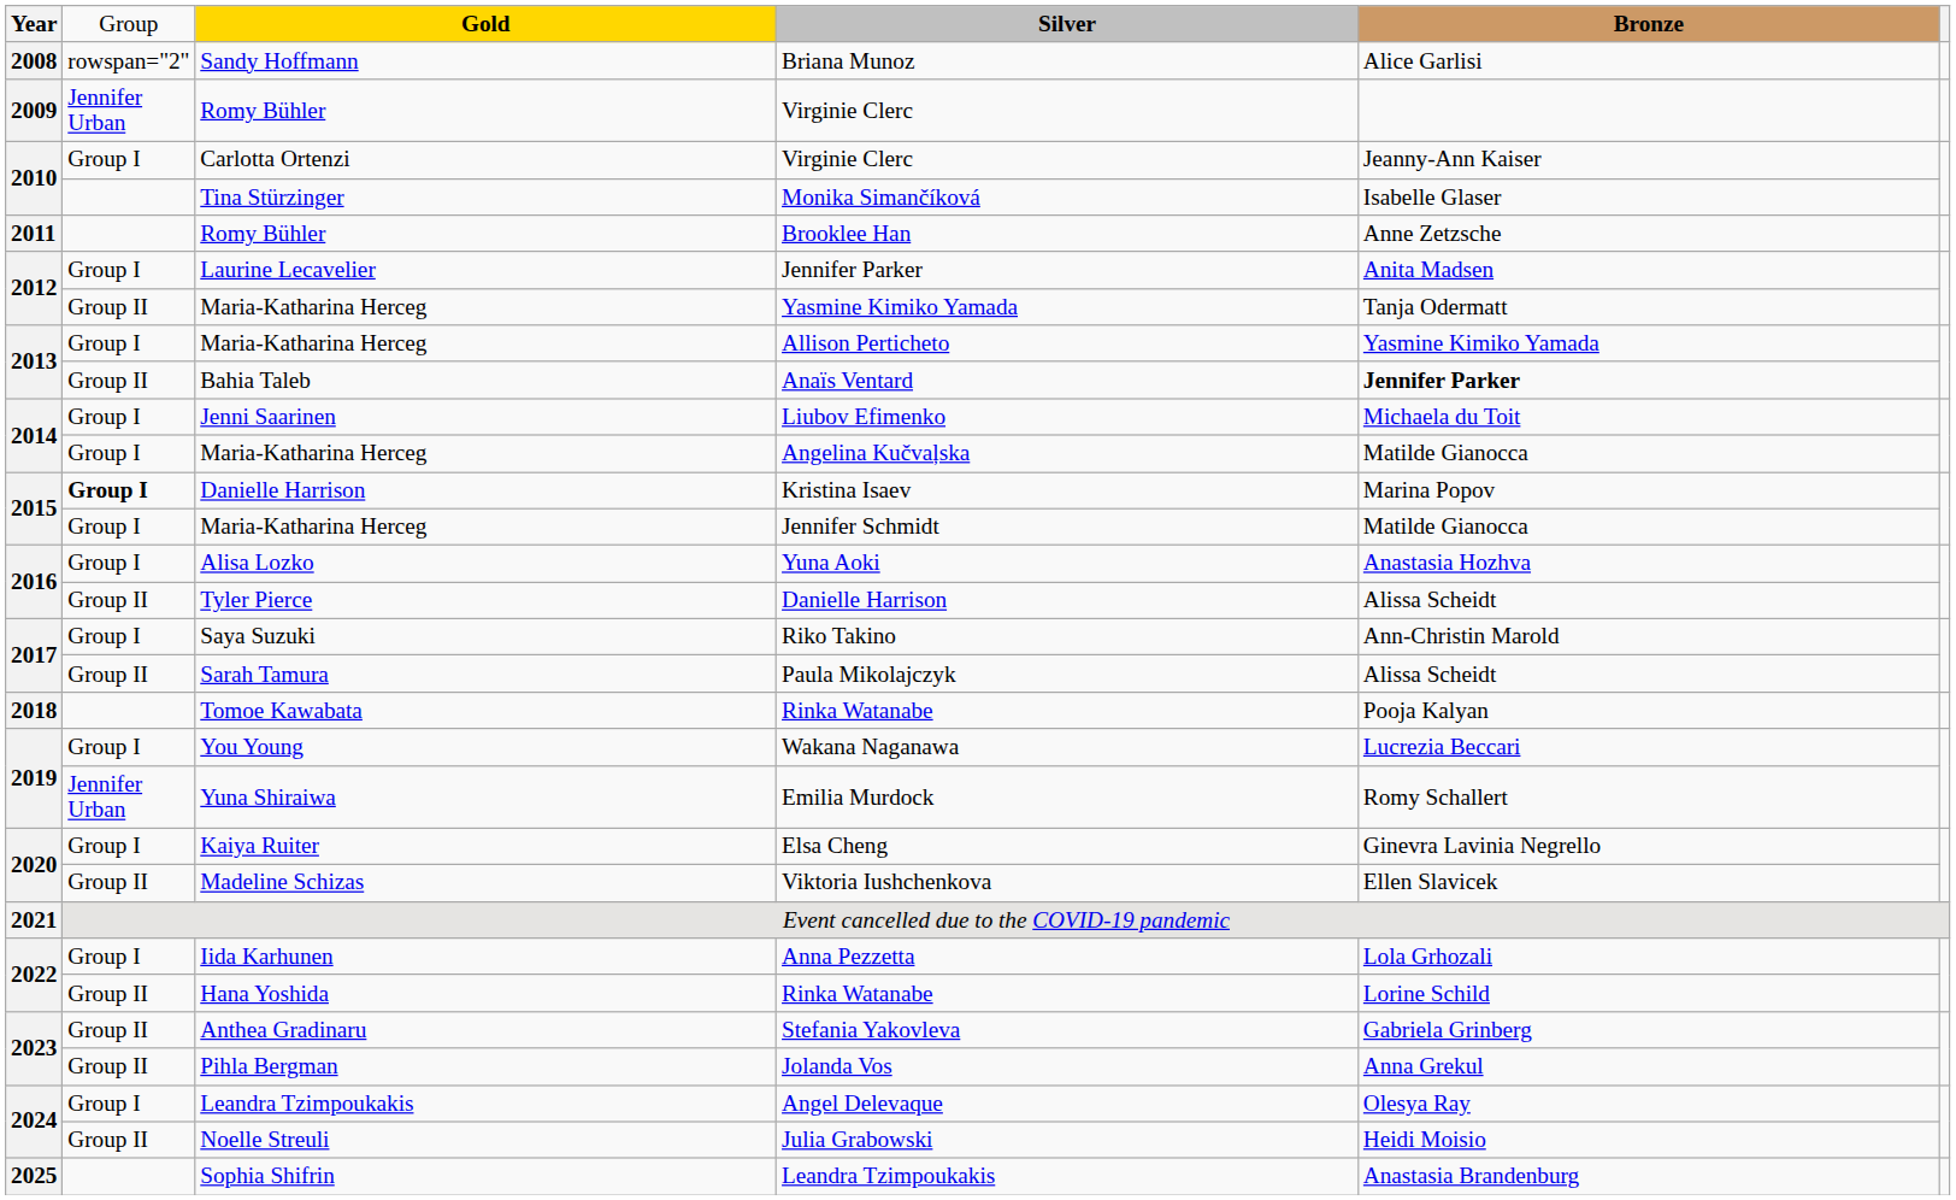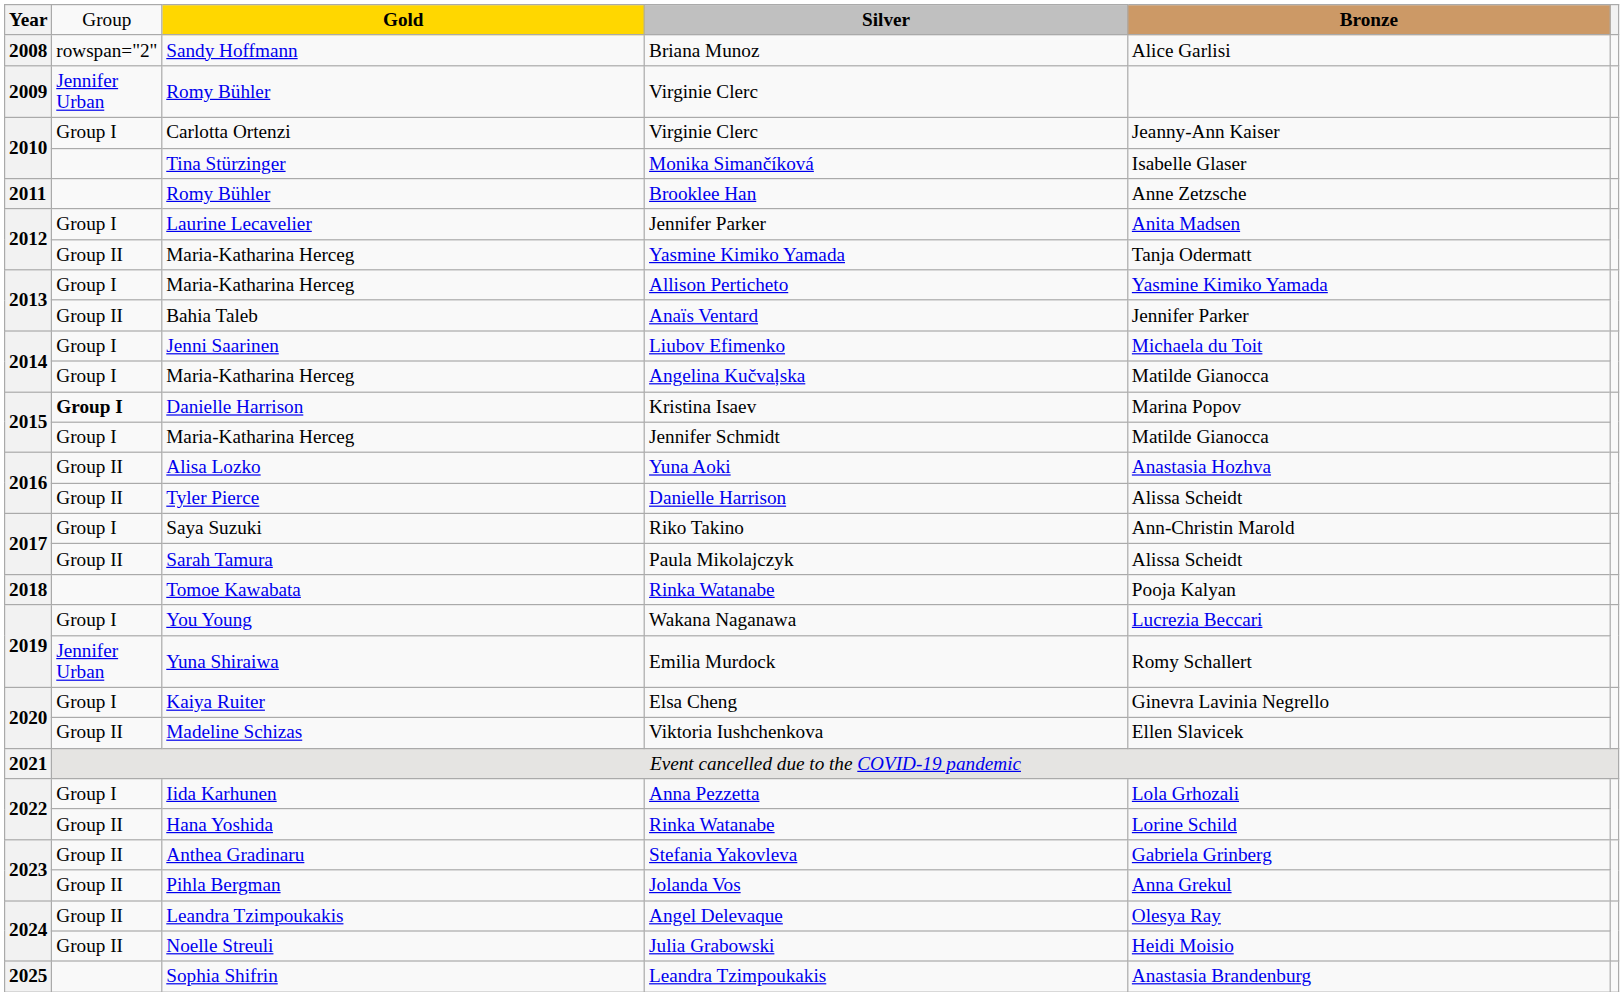 <table class="wikitable unsortable" style="text-align:left; width:85%">
 <tr>
 <th scope="col" style="text-align:center">Year</th>
 <td scope="col" style="text-align:center">Group</td>
 <td scope="col" style="text-align:center; width:30%; background:gold"><strong>Gold</strong></td>
 <td scope="col" style="text-align:center; width:30%; background:silver"><strong>Silver</strong></td>
 <td scope="col" style="text-align:center; width:30%; background:#c96"><strong>Bronze</strong></td>
 <th scope="col" style="text-align:center"></th>
 </tr>
 <tr>
 <th scope="row" style="text-align:left">2008</th>
 <td>rowspan="2" </td>
 <td> <a href='#'>Sandy Hoffmann</a></td>
 <td> Briana Munoz</td>
 <td> Alice Garlisi</td>
 <td></td>
 </tr>
 <tr>
 <th scope="row" style="text-align:left">2009</th>
 <td> <a href='#'>Jennifer Urban</a></td>
 <td> <a href='#'>Romy Bühler</a></td>
 <td> Virginie Clerc</td>
 <td></td>
 </tr>
 <tr>
 <th scope="row" style="text-align:left" rowspan="2">2010</th>
 <td>Group I</td>
 <td> Carlotta Ortenzi</td>
 <td> Virginie Clerc</td>
 <td> Jeanny-Ann Kaiser</td>
 <td rowspan="2"></td>
 </tr>
 <tr>
 <td></td>
 <td> <a href='#'>Tina Stürzinger</a></td>
 <td> <a href='#'>Monika Simančíková</a></td>
 <td> Isabelle Glaser</td>
 </tr>
 <tr>
 <th scope="row" style="text-align:left">2011</th>
 <td></td>
 <td> <a href='#'>Romy Bühler</a></td>
 <td> <a href='#'>Brooklee Han</a></td>
 <td> Anne Zetzsche</td>
 <td></td>
 </tr>
 <tr>
 <th scope="row" style="text-align:left" rowspan="2">2012</th>
 <td>Group I</td>
 <td> <a href='#'>Laurine Lecavelier</a></td>
 <td> Jennifer Parker</td>
 <td> <a href='#'>Anita Madsen</a></td>
 <td rowspan="2"></td>
 </tr>
 <tr>
 <td>Group II</td>
 <td> Maria-Katharina Herceg</td>
 <td> <a href='#'>Yasmine Kimiko Yamada</a></td>
 <td> Tanja Odermatt</td>
 </tr>
 <tr>
 <th scope="row" style="text-align:left" rowspan="2">2013</th>
 <td>Group I</td>
 <td> Maria-Katharina Herceg</td>
 <td> <a href='#'>Allison Perticheto</a></td>
 <td> <a href='#'>Yasmine Kimiko Yamada</a></td>
 <td rowspan="2"></td>
 </tr>
 <tr>
 <td>Group II</td>
 <td> Bahia Taleb</td>
 <td> <a href='#'>Anaïs Ventard</a></td>
-<td><strong> Jennifer Parker</strong></td>
+<td> Jennifer Parker</td>
 </tr>
 <tr>
 <th scope="row" style="text-align:left" rowspan="2">2014</th>
 <td>Group I</td>
 <td> <a href='#'>Jenni Saarinen</a></td>
 <td> <a href='#'>Liubov Efimenko</a></td>
 <td> <a href='#'>Michaela du Toit</a></td>
 <td rowspan="2"></td>
 </tr>
 <tr>
 <td>Group I</td>
 <td> Maria-Katharina Herceg</td>
 <td> <a href='#'>Angelina Kučvaļska</a></td>
 <td> Matilde Gianocca</td>
 </tr>
 <tr>
 <th scope="row" style="text-align:left" rowspan="2">2015</th>
 <td><strong>Group I</strong></td>
 <td> <a href='#'>Danielle Harrison</a></td>
 <td> Kristina Isaev</td>
 <td> Marina Popov</td>
 <td rowspan="2"></td>
 </tr>
 <tr>
 <td>Group I</td>
 <td> Maria-Katharina Herceg</td>
 <td> Jennifer Schmidt</td>
 <td> Matilde Gianocca</td>
 </tr>
 <tr>
 <th scope="row" style="text-align:left" rowspan="2">2016</th>
-<td>Group I</td>
+<td>Group II</td>
 <td> <a href='#'>Alisa Lozko</a></td>
 <td> <a href='#'>Yuna Aoki</a></td>
 <td> <a href='#'>Anastasia Hozhva</a></td>
 <td rowspan="2"></td>
 </tr>
 <tr>
 <td>Group II</td>
 <td> <a href='#'>Tyler Pierce</a></td>
 <td> <a href='#'>Danielle Harrison</a></td>
 <td> Alissa Scheidt</td>
 </tr>
 <tr>
 <th scope="row" style="text-align:left" rowspan="2">2017</th>
 <td>Group I</td>
 <td> Saya Suzuki</td>
 <td> Riko Takino</td>
 <td> Ann-Christin Marold</td>
 <td rowspan="2"></td>
 </tr>
 <tr>
 <td>Group II</td>
 <td> <a href='#'>Sarah Tamura</a></td>
 <td> Paula Mikolajczyk</td>
 <td> Alissa Scheidt</td>
 </tr>
 <tr>
 <th scope="row" style="text-align:left">2018</th>
 <td></td>
 <td> <a href='#'>Tomoe Kawabata</a></td>
 <td> <a href='#'>Rinka Watanabe</a></td>
 <td> Pooja Kalyan</td>
 <td></td>
 </tr>
 <tr>
 <th scope="row" style="text-align:left" rowspan="2">2019</th>
 <td>Group I</td>
 <td> <a href='#'>You Young</a></td>
 <td> Wakana Naganawa</td>
 <td> <a href='#'>Lucrezia Beccari</a></td>
 <td rowspan="2"></td>
 </tr>
 <tr>
 <td> <a href='#'>Jennifer Urban</a></td>
 <td> <a href='#'>Yuna Shiraiwa</a></td>
 <td> Emilia Murdock</td>
 <td> Romy Schallert</td>
 </tr>
 <tr>
 <th scope="row" style="text-align:left" rowspan="2">2020</th>
 <td>Group I</td>
 <td> <a href='#'>Kaiya Ruiter</a></td>
 <td> Elsa Cheng</td>
 <td> Ginevra Lavinia Negrello</td>
 <td rowspan="2"></td>
 </tr>
 <tr>
 <td>Group II</td>
 <td> <a href='#'>Madeline Schizas</a></td>
 <td> Viktoria Iushchenkova</td>
 <td> Ellen Slavicek</td>
 </tr>
 <tr>
 <th scope="row" style="text-align:left">2021</th>
 <td colspan="5" align="center" bgcolor="e5e4e2"><em>Event cancelled due to the <a href='#'>COVID-19 pandemic</a></em></td>
 </tr>
 <tr>
 <th scope="row" style="text-align:left" rowspan="2">2022</th>
 <td>Group I</td>
 <td> <a href='#'>Iida Karhunen</a></td>
 <td> <a href='#'>Anna Pezzetta</a></td>
 <td> <a href='#'>Lola Grhozali</a></td>
 <td rowspan="2"></td>
 </tr>
 <tr>
 <td>Group II</td>
 <td> <a href='#'>Hana Yoshida</a></td>
 <td> <a href='#'>Rinka Watanabe</a></td>
 <td> <a href='#'>Lorine Schild</a></td>
 </tr>
 <tr>
 <th scope="row" style="text-align:left" rowspan="2">2023</th>
 <td>Group II</td>
 <td> <a href='#'>Anthea Gradinaru</a></td>
 <td> <a href='#'>Stefania Yakovleva</a></td>
 <td> <a href='#'>Gabriela Grinberg</a></td>
 <td rowspan="2"></td>
 </tr>
 <tr>
 <td>Group II</td>
 <td> <a href='#'>Pihla Bergman</a></td>
 <td> <a href='#'>Jolanda Vos</a></td>
 <td> <a href='#'>Anna Grekul</a></td>
 </tr>
 <tr>
 <th scope="row" style="text-align:left" rowspan="2">2024</th>
-<td>Group I</td>
+<td>Group II</td>
 <td> <a href='#'>Leandra Tzimpoukakis</a></td>
 <td> <a href='#'>Angel Delevaque</a></td>
 <td> <a href='#'>Olesya Ray</a></td>
 <td rowspan="2"></td>
 </tr>
 <tr>
 <td>Group II</td>
 <td> <a href='#'>Noelle Streuli</a></td>
 <td> <a href='#'>Julia Grabowski</a></td>
 <td> <a href='#'>Heidi Moisio</a></td>
 </tr>
 <tr>
 <th scope="row" style="text-align:left">2025</th>
 <td></td>
 <td> <a href='#'>Sophia Shifrin</a></td>
 <td> <a href='#'>Leandra Tzimpoukakis</a></td>
 <td> <a href='#'>Anastasia Brandenburg</a></td>
 <td></td>
 </tr>
 </table>
